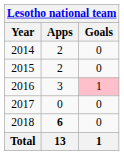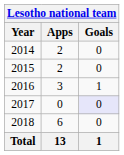 <table class="wikitable" style="text-align:center">
 <tr>
 <th colspan=3><a href='#'>Lesotho national team</a></th>
 </tr>
 <tr>
 <th>Year</th>
 <th>Apps</th>
 <th>Goals</th>
 </tr>
 <tr>
 <td>2014</td>
 <td>2</td>
 <td>0</td>
 </tr>
 <tr>
 <td>2015</td>
 <td>2</td>
 <td>0</td>
 </tr>
 <tr>
 <td>2016</td>
 <td>3</td>
-<td style="background: pink;">1</td>
+<td>1</td>
 </tr>
 <tr>
 <td>2017</td>
 <td>0</td>
-<td>0</td>
+<td style="background: lavender;">0</td>
 </tr>
 <tr>
 <td>2018</td>
-<td><strong>6</strong></td>
+<td>6</td>
 <td>0</td>
 </tr>
 <tr>
 <th>Total</th>
 <th>13</th>
 <th>1</th>
 </tr>
 </table>
